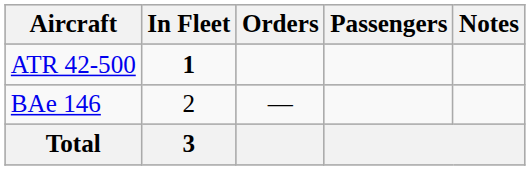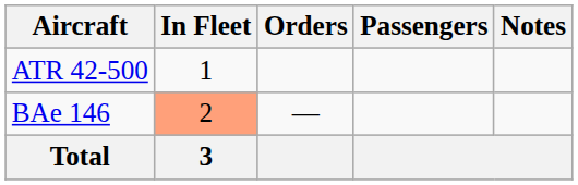 <table class="wikitable" style="margin:1em auto; border-collapse:collapse">
 <tr>
 <th>Aircraft</th>
 <th>In Fleet</th>
 <th>Orders</th>
 <th>Passengers</th>
 <th>Notes</th>
 </tr>
 <tr>
 <td><a href='#'>ATR 42-500</a></td>
-<td align=center><strong>1</strong></td>
+<td align=center>1</td>
 <td align=center></td>
 <td align=center></td>
 <td></td>
 </tr>
 <tr>
 <td><a href='#'>BAe 146</a></td>
-<td align=center>2</td>
+<td align=center style="background: lightsalmon;">2</td>
 <td align=center>—</td>
 <td align=center></td>
 <td></td>
 </tr>
 <tr>
 <th>Total</th>
 <th>3</th>
 <th></th>
 <th colspan=3></th>
 </tr>
 </table>
